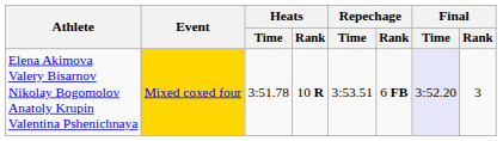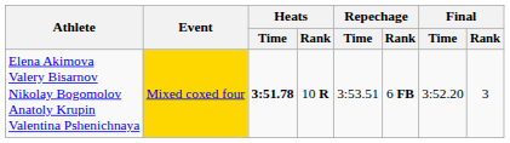 <table class="wikitable" style="font-size:90%;">
 <tr>
 <th rowspan="2">Athlete</th>
 <th rowspan="2">Event</th>
 <th colspan="2">Heats</th>
 <th colspan="2">Repechage</th>
 <th colspan="2">Final</th>
 </tr>
 <tr style="font-size:95%">
 <th>Time</th>
 <th>Rank</th>
 <th>Time</th>
 <th>Rank</th>
 <th>Time</th>
 <th>Rank</th>
 </tr>
 <tr>
 <td align=left><a href='#'>Elena Akimova</a><br> <a href='#'>Valery Bisarnov</a><br> <a href='#'>Nikolay Bogomolov</a><br> <a href='#'>Anatoly Krupin</a><br> <a href='#'>Valentina Pshenichnaya</a></td>
 <td align=left style="background: gold;"><a href='#'>Mixed coxed four</a></td>
-<td align=center>3:51.78</td>
+<td align=center><strong>3:51.78</strong></td>
 <td align=center>10 <strong>R</strong></td>
 <td align=center>3:53.51</td>
 <td align=center>6 <strong>FB</strong></td>
-<td align=center style="background: lavender;">3:52.20</td>
+<td align=center>3:52.20</td>
 <td align=center>3</td>
 </tr>
 </table>
